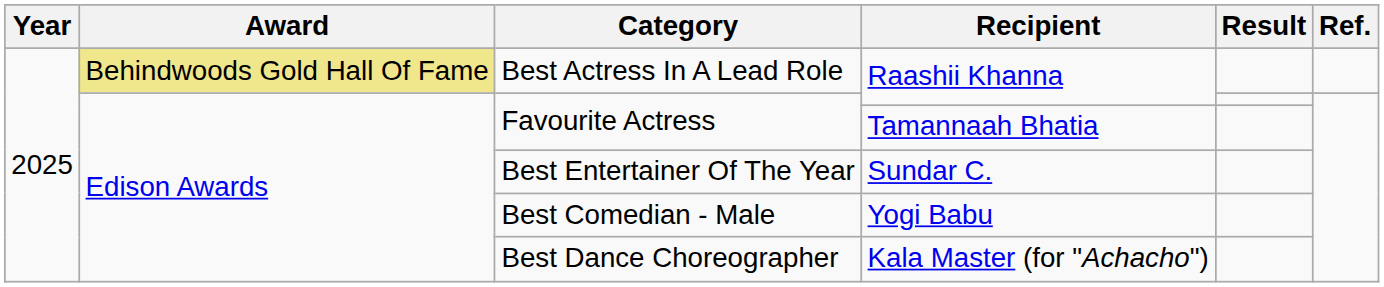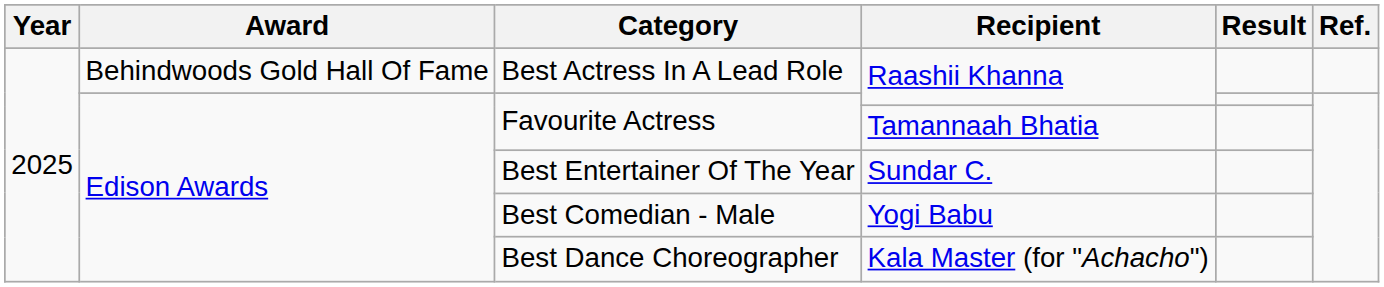 <table class="wikitable">
 <tr>
 <th>Year</th>
 <th>Award</th>
 <th>Category</th>
 <th>Recipient</th>
 <th>Result</th>
 <th>Ref.</th>
 </tr>
 <tr>
 <td rowspan="6">2025</td>
-<td style="background: khaki;">Behindwoods Gold Hall Of Fame</td>
+<td>Behindwoods Gold Hall Of Fame</td>
 <td>Best Actress In A Lead Role</td>
 <td rowspan="2"><a href='#'>Raashii Khanna</a></td>
 <td></td>
 <td></td>
 </tr>
 <tr>
 <td rowspan="5"><a href='#'>Edison Awards</a></td>
 <td rowspan="2">Favourite Actress</td>
 <td></td>
 <td rowspan="5"></td>
 </tr>
 <tr>
 <td><a href='#'>Tamannaah Bhatia</a></td>
 <td></td>
 </tr>
 <tr>
 <td>Best Entertainer Of The Year</td>
 <td><a href='#'>Sundar C.</a></td>
 <td></td>
 </tr>
 <tr>
 <td>Best Comedian - Male</td>
 <td><a href='#'>Yogi Babu</a></td>
 <td></td>
 </tr>
 <tr>
 <td>Best Dance Choreographer</td>
 <td><a href='#'>Kala Master</a> (for "<em>Achacho</em>")</td>
 <td></td>
 </tr>
 </table>
